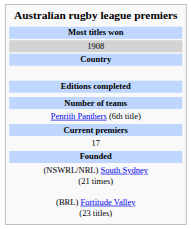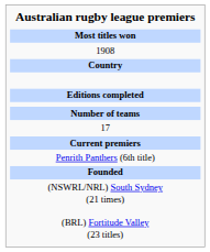 <table class="infobox football" style="width: 16em; text-align: center;">
 <tr>
 <th style="font-size: 16px;">Australian rugby league premiers</th>
 </tr>
 <tr>
 <td style="font-size: 12px;"></td>
 </tr>
 <tr>
 <td style="font-size: 12px; background: #BFD7FF;"><strong>Most titles won</strong></td>
 </tr>
 <tr>
-<td style="background: lightgrey; font-size: 12px;">1908</td>
+<td style="font-size: 12px;">1908</td>
 </tr>
 <tr>
 <td style="font-size: 12px; background: #BFD7FF;"><strong>Country</strong></td>
 </tr>
 <tr>
 <td style="font-size: 12px;"><br></td>
 </tr>
 <tr>
 <td style="font-size: 12px; background: #BFD7FF;"><strong>Editions completed</strong></td>
 </tr>
 <tr>
 <td style="font-size: 12px;"></td>
 </tr>
 <tr>
 <td style="font-size: 12px; background: #BFD7FF;"><strong>Number of teams</strong></td>
 </tr>
 <tr>
-<td style="font-size: 12px;"> <a href='#'>Penrith Panthers</a> (6th title)</td>
+<td style="font-size: 12px;">17</td>
 </tr>
 <tr>
 <td style="font-size: 12px; background: #BFD7FF;"><strong>Current premiers</strong></td>
 </tr>
 <tr>
-<td style="font-size: 12px;">17</td>
+<td style="font-size: 12px;"> <a href='#'>Penrith Panthers</a> (6th title)</td>
 </tr>
 <tr>
 <td style="font-size: 12px; background: #BFD7FF;"><strong>Founded</strong></td>
 </tr>
 <tr>
 <td style="font-size: 12px;">(NSWRL/NRL)  <a href='#'>South Sydney</a><br>(21 times) <br><br>(BRL)  <a href='#'>Fortitude Valley</a> <br> (23 titles)</td>
 </tr>
 <tr>
 </tr>
 </table>
